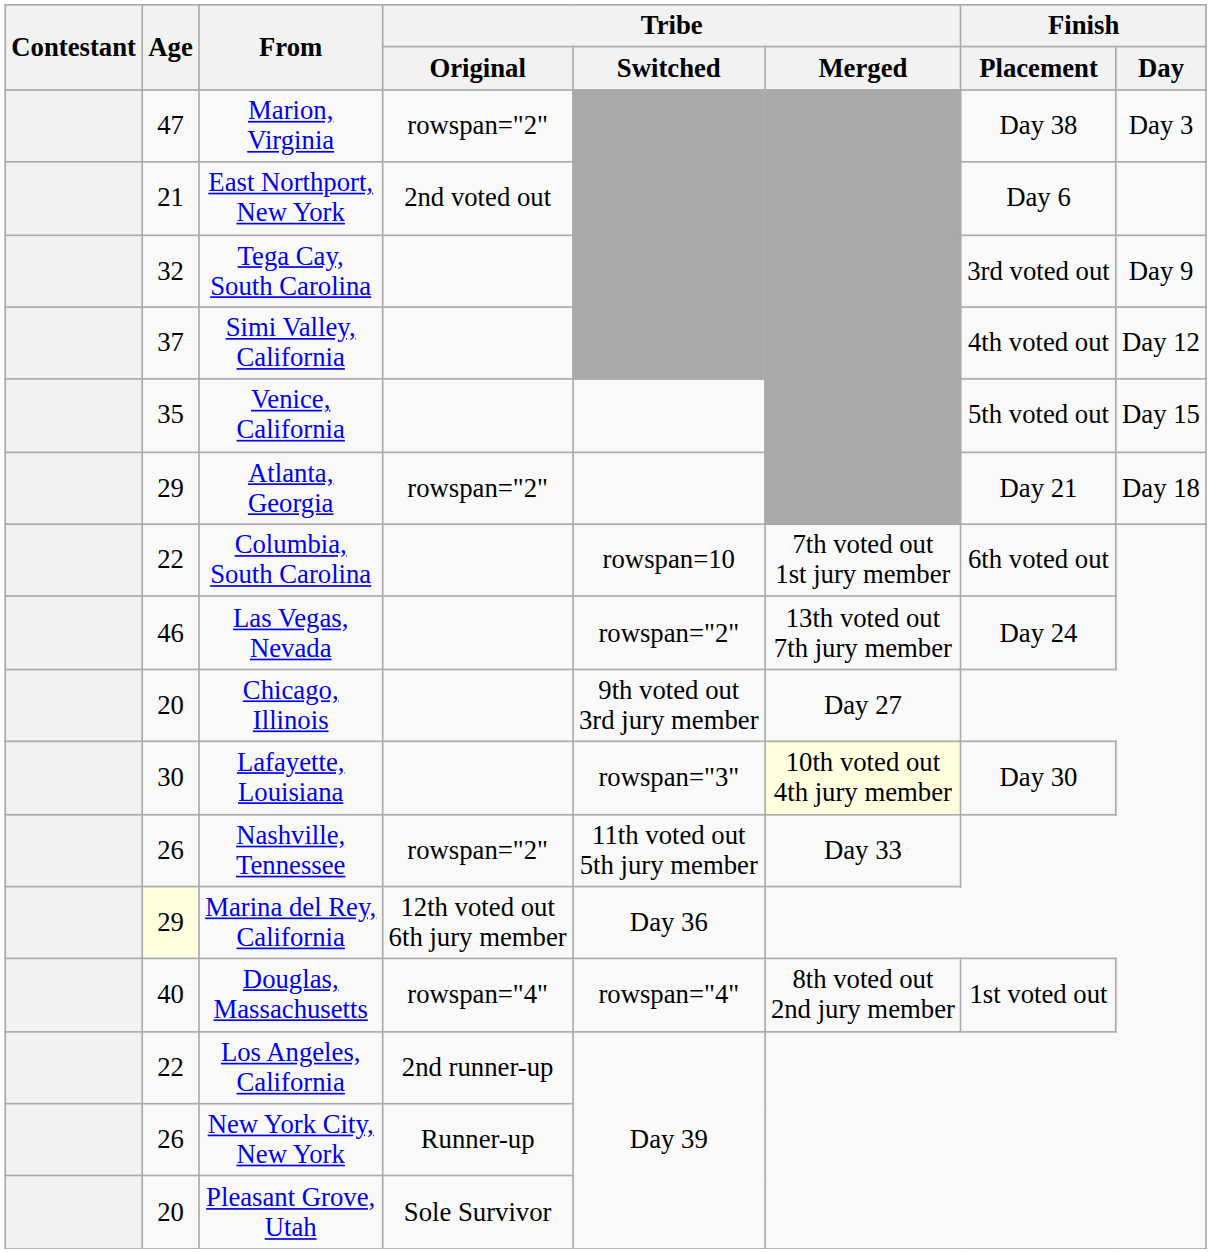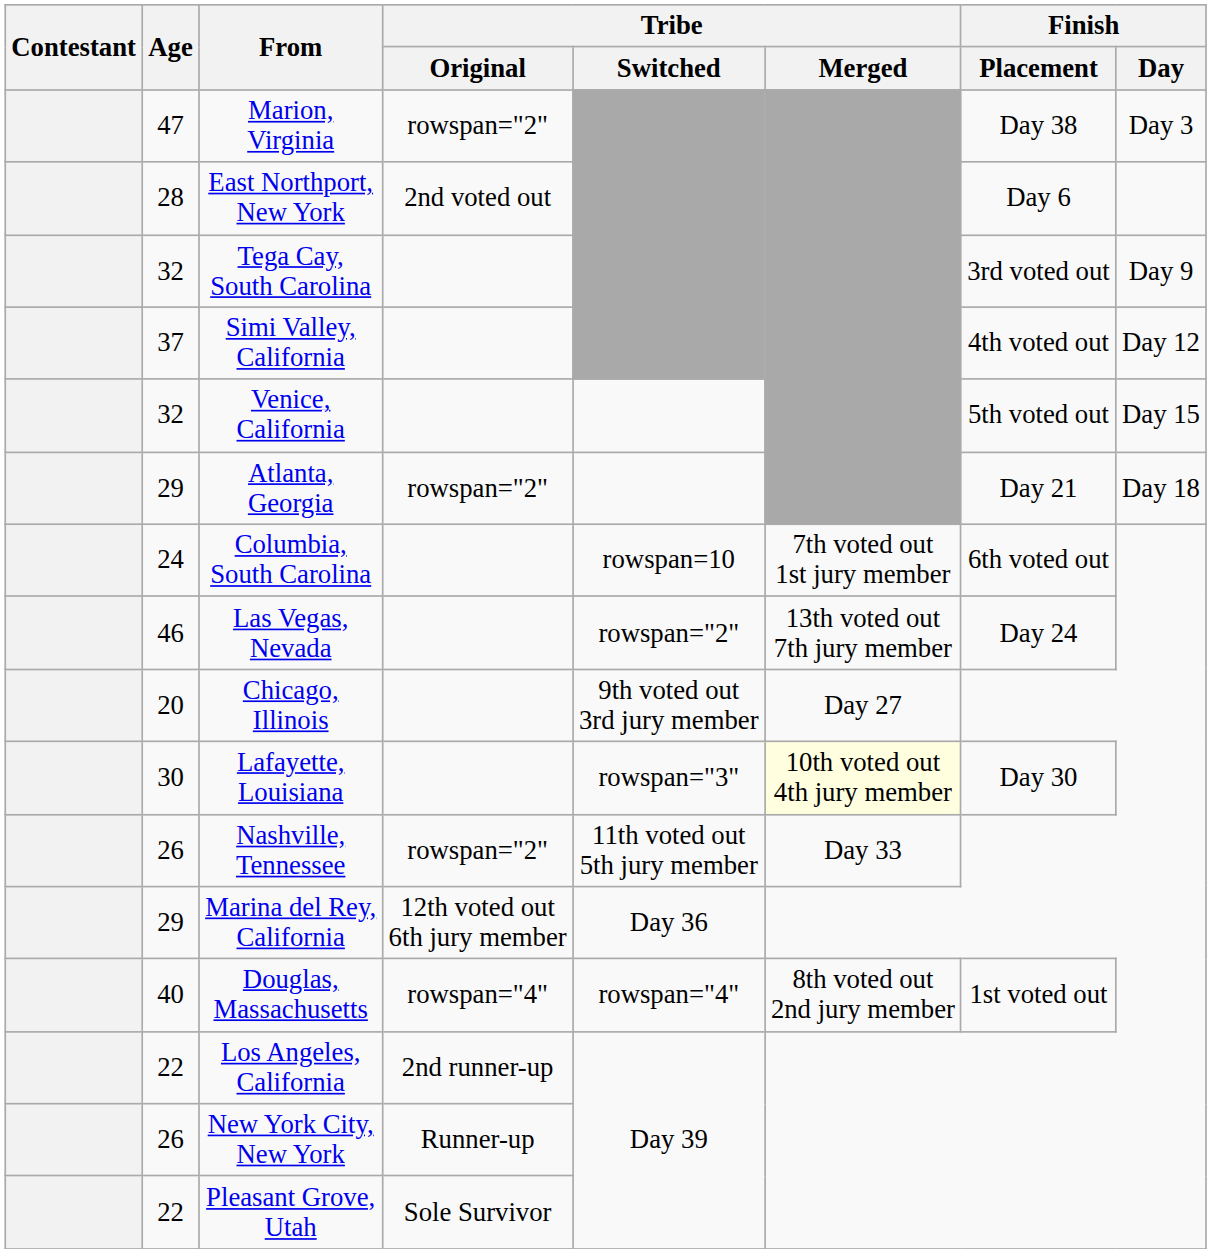 <table class="wikitable sortable" style="margin:auto; text-align:center">
 <tr>
 <th rowspan="2" scope="col">Contestant</th>
 <th rowspan="2" scope="col">Age</th>
 <th rowspan="2" scope="col" class=unsortable>From</th>
 <th colspan="3" scope="colgroup">Tribe</th>
 <th colspan="2" scope="colgroup">Finish</th>
 </tr>
 <tr>
 <th scope="col">Original</th>
 <th scope="col">Switched</th>
 <th scope="col" class=unsortable>Merged</th>
 <th scope="col" class=unsortable>Placement</th>
 <th scope="col" class=unsortable>Day</th>
 </tr>
 <tr>
 <th scope="row" style=text-align:left></th>
 <td>47</td>
 <td><a href='#'>Marion,<br>Virginia</a></td>
 <td>rowspan="2" </td>
 <td rowspan="4" bgcolor="darkgray"></td>
 <td rowspan="6" bgcolor="darkgray"></td>
 <td>Day 38</td>
 <td>Day 3</td>
 </tr>
 <tr>
 <th scope="row" style=text-align:left></th>
-<td>21</td>
+<td>28</td>
 <td><a href='#'>East Northport,<br>New York</a></td>
 <td>2nd voted out</td>
 <td>Day 6</td>
 </tr>
 <tr>
 <th scope="row" style=text-align:left></th>
 <td>32</td>
 <td><a href='#'>Tega Cay,<br>South Carolina</a></td>
 <td></td>
 <td>3rd voted out</td>
 <td>Day 9</td>
 </tr>
 <tr>
 <th scope="row" style=text-align:left></th>
 <td>37</td>
 <td><a href='#'>Simi Valley,<br>California</a></td>
 <td></td>
 <td>4th voted out</td>
 <td>Day 12</td>
 </tr>
 <tr>
 <th scope="row" style=text-align:left></th>
-<td>35</td>
+<td>32</td>
 <td><a href='#'>Venice,<br>California</a></td>
 <td></td>
 <td></td>
 <td>5th voted out</td>
 <td>Day 15</td>
 </tr>
 <tr>
 <th scope="row" style=text-align:left></th>
 <td>29</td>
 <td><a href='#'>Atlanta,<br>Georgia</a></td>
 <td>rowspan="2" </td>
 <td></td>
 <td>Day 21</td>
 <td>Day 18</td>
 </tr>
 <tr>
 <th scope="row" style=text-align:left></th>
-<td>22</td>
+<td>24</td>
 <td><a href='#'>Columbia,<br>South Carolina</a></td>
 <td></td>
 <td>rowspan=10 </td>
 <td>7th voted out<br>1st jury member</td>
 <td>6th voted out</td>
 </tr>
 <tr>
 <th scope="row" style=text-align:left></th>
 <td>46</td>
 <td><a href='#'>Las Vegas,<br> Nevada</a></td>
 <td></td>
 <td>rowspan="2" </td>
 <td>13th voted out<br>7th jury member</td>
 <td>Day 24</td>
 </tr>
 <tr>
 <th scope="row" style=text-align:left></th>
 <td>20</td>
 <td><a href='#'>Chicago,<br>Illinois</a></td>
 <td></td>
 <td>9th voted out<br>3rd jury member</td>
 <td>Day 27</td>
 </tr>
 <tr>
 <th scope="row" style=text-align:left></th>
 <td>30</td>
 <td><a href='#'>Lafayette,<br>Louisiana</a></td>
 <td></td>
 <td>rowspan="3" </td>
 <td style="background: lightyellow;">10th voted out<br>4th jury member</td>
 <td>Day 30</td>
 </tr>
 <tr>
 <th scope="row" style=text-align:left></th>
 <td>26</td>
 <td><a href='#'>Nashville,<br>Tennessee</a></td>
 <td>rowspan="2" </td>
 <td>11th voted out<br>5th jury member</td>
 <td>Day 33</td>
 </tr>
 <tr>
 <th scope="row" style=text-align:left></th>
-<td style="background: lightyellow;">29</td>
+<td>29</td>
 <td><a href='#'>Marina del Rey,<br>California</a></td>
 <td>12th voted out<br>6th jury member</td>
 <td>Day 36</td>
 </tr>
 <tr>
 <th scope="row" style=text-align:left></th>
 <td>40</td>
 <td><a href='#'>Douglas,<br>Massachusetts</a></td>
 <td>rowspan="4" </td>
 <td>rowspan="4" </td>
 <td>8th voted out<br>2nd jury member</td>
 <td>1st voted out</td>
 </tr>
 <tr>
 <th scope="row" style=text-align:left></th>
 <td>22</td>
 <td><a href='#'>Los Angeles,<br>California</a></td>
 <td>2nd runner-up</td>
 <td rowspan="3">Day 39</td>
 </tr>
 <tr>
 <th scope="row" style=text-align:left></th>
 <td>26</td>
 <td><a href='#'>New York City,<br>New York</a></td>
 <td>Runner-up</td>
 </tr>
 <tr>
 <th scope="row" style=text-align:left></th>
-<td>20</td>
+<td>22</td>
 <td><a href='#'>Pleasant Grove,<br>Utah</a></td>
 <td>Sole Survivor</td>
 </tr>
 </table>
